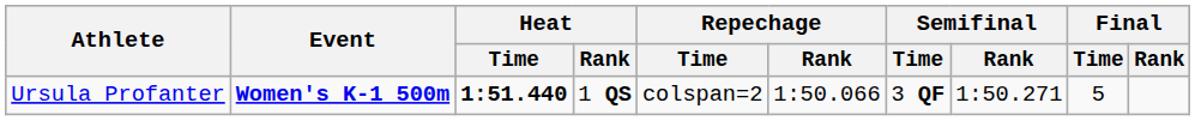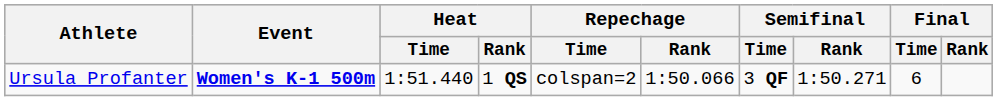 <table class=wikitable style=font-size:90%;text-align:center>
 <tr>
 <th rowspan=2>Athlete</th>
 <th rowspan=2>Event</th>
 <th colspan=2>Heat</th>
 <th colspan=2>Repechage</th>
 <th colspan=2>Semifinal</th>
 <th colspan=2>Final</th>
 </tr>
 <tr style=font-size:95%>
 <th>Time</th>
 <th>Rank</th>
 <th>Time</th>
 <th>Rank</th>
 <th>Time</th>
 <th>Rank</th>
 <th>Time</th>
 <th>Rank</th>
 </tr>
 <tr align=center>
 <td align=left><a href='#'>Ursula Profanter</a></td>
 <td align=left><strong><a href='#'>Women's K-1 500m</a></strong></td>
-<td><strong>1:51.440</strong></td>
+<td>1:51.440</td>
 <td>1 <strong>QS</strong></td>
 <td>colspan=2 </td>
 <td>1:50.066</td>
 <td>3 <strong>QF</strong></td>
 <td>1:50.271</td>
-<td>5</td>
+<td>6</td>
 </tr>
 </table>
